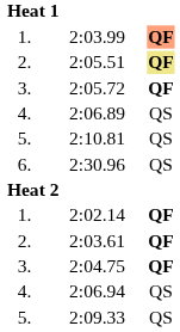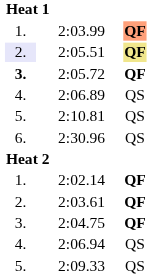 <table style="text-align:center">
 <tr>
 <td colspan=4 align=left><strong>Heat 1</strong></td>
 </tr>
 <tr>
 <td width=30>1.</td>
 <td align=left></td>
 <td width=80>2:03.99</td>
 <td style="background: lightsalmon;"><strong>QF</strong></td>
 </tr>
 <tr>
-<td>2.</td>
+<td style="background: lavender;">2.</td>
 <td align=left></td>
 <td>2:05.51</td>
 <td style="background: khaki;"><strong>QF</strong></td>
 </tr>
 <tr>
-<td>3.</td>
+<td><strong>3.</strong></td>
 <td align=left></td>
 <td>2:05.72</td>
 <td><strong>QF</strong></td>
 </tr>
 <tr>
 <td>4.</td>
 <td align=left></td>
 <td>2:06.89</td>
 <td>QS</td>
 </tr>
 <tr>
 <td>5.</td>
 <td align=left></td>
 <td>2:10.81</td>
 <td>QS</td>
 </tr>
 <tr>
 <td>6.</td>
 <td align=left></td>
 <td>2:30.96</td>
 <td>QS</td>
 </tr>
 <tr>
 <td colspan=4 align=left><strong>Heat 2</strong></td>
 </tr>
 <tr>
 <td>1.</td>
 <td align=left></td>
 <td>2:02.14</td>
 <td><strong>QF</strong></td>
 </tr>
 <tr>
 <td>2.</td>
 <td align=left></td>
 <td>2:03.61</td>
 <td><strong>QF</strong></td>
 </tr>
 <tr>
 <td>3.</td>
 <td align=left></td>
 <td>2:04.75</td>
 <td><strong>QF</strong></td>
 </tr>
 <tr>
 <td>4.</td>
 <td align=left></td>
 <td>2:06.94</td>
 <td>QS</td>
 </tr>
 <tr>
 <td>5.</td>
 <td align=left></td>
 <td>2:09.33</td>
 <td>QS</td>
 </tr>
 </table>
